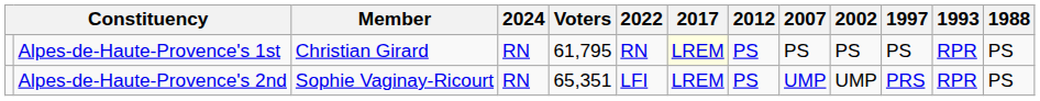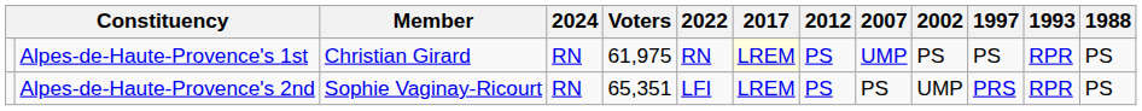 <table class="wikitable sortable">
 <tr>
 <th colspan="2">Constituency</th>
 <th>Member</th>
 <th>2024</th>
 <th>Voters</th>
 <th>2022</th>
 <th>2017</th>
 <th>2012</th>
 <th>2007</th>
 <th>2002</th>
 <th>1997</th>
 <th>1993</th>
 <th>1988</th>
 </tr>
 <tr>
 <td style="background-color: "></td>
 <td><a href='#'>Alpes-de-Haute-Provence's 1st</a></td>
 <td><a href='#'>Christian Girard</a></td>
 <td><a href='#'>RN</a></td>
-<td>61,795</td>
+<td>61,975</td>
 <td><a href='#'>RN</a></td>
 <td style="background: lightyellow;"><a href='#'>LREM</a></td>
 <td bgcolor=><a href='#'>PS</a></td>
-<td bgcolor=>PS</td>
+<td bgcolor=><a href='#'>UMP</a></td>
 <td bgcolor=>PS</td>
 <td bgcolor=>PS</td>
 <td bgcolor=><a href='#'>RPR</a></td>
 <td bgcolor=>PS</td>
 </tr>
 <tr>
 <td style="background-color: "></td>
 <td><a href='#'>Alpes-de-Haute-Provence's 2nd</a></td>
 <td><a href='#'>Sophie Vaginay-Ricourt</a></td>
 <td><a href='#'>RN</a></td>
 <td>65,351</td>
 <td><a href='#'>LFI</a></td>
 <td><a href='#'>LREM</a></td>
 <td bgcolor=><a href='#'>PS</a></td>
-<td bgcolor=><a href='#'>UMP</a></td>
+<td bgcolor=>PS</td>
 <td bgcolor=>UMP</td>
 <td bgcolor=><a href='#'>PRS</a></td>
 <td bgcolor=><a href='#'>RPR</a></td>
 <td bgcolor=>PS</td>
 </tr>
 </table>
